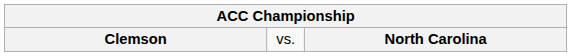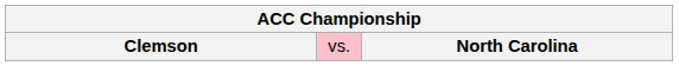 <table class="wikitable">
 <tr>
 <th style="width: 604px;" colspan=3>ACC Championship</th>
 </tr>
 <tr>
 <th style="width: 219px; "><strong> Clemson</strong></th>
-<td style="width: 25px; text-align:center">vs.</td>
+<td style="background: pink; width: 25px; text-align:center">vs.</td>
 <th style="width: 219px; "><strong> North Carolina</strong></th>
 </tr>
 </table>
